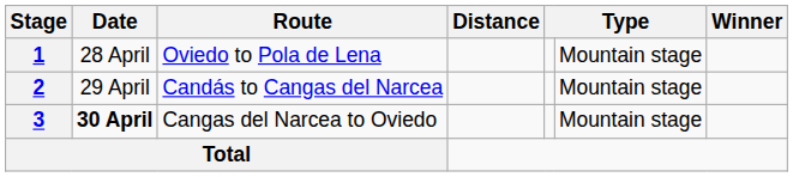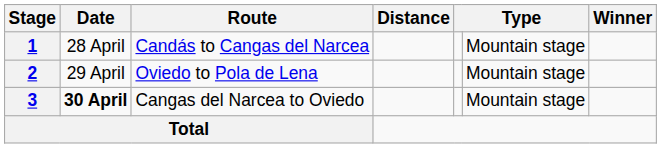 <table class="wikitable">
 <tr>
 <th scope=col>Stage</th>
 <th scope=col>Date</th>
 <th scope=col>Route</th>
 <th scope=col>Distance</th>
 <th scope=col colspan="2">Type</th>
 <th scope=col>Winner</th>
 </tr>
 <tr>
 <th scope="row" style="text-align:center;"><a href='#'>1</a></th>
 <td style="text-align:center;">28 April</td>
-<td><a href='#'>Oviedo</a> to <a href='#'>Pola de Lena</a></td>
+<td><a href='#'>Candás</a> to <a href='#'>Cangas del Narcea</a></td>
 <td style="text-align:center;"></td>
 <td></td>
 <td>Mountain stage</td>
 <td></td>
 </tr>
 <tr>
 <th scope="row" style="text-align:center;"><a href='#'>2</a></th>
 <td style="text-align:center;">29 April</td>
-<td><a href='#'>Candás</a> to <a href='#'>Cangas del Narcea</a></td>
+<td><a href='#'>Oviedo</a> to <a href='#'>Pola de Lena</a></td>
 <td style="text-align:center;"></td>
 <td></td>
 <td>Mountain stage</td>
 <td></td>
 </tr>
 <tr>
 <th scope="row" style="text-align:center;"><a href='#'>3</a></th>
 <td style="text-align:center;"><strong>30 April</strong></td>
 <td>Cangas del Narcea to Oviedo</td>
 <td style="text-align:center;"></td>
 <td></td>
 <td>Mountain stage</td>
 <td></td>
 </tr>
 <tr>
 <th colspan="3">Total</th>
 <td colspan="5" align="center"></td>
 </tr>
 </table>
